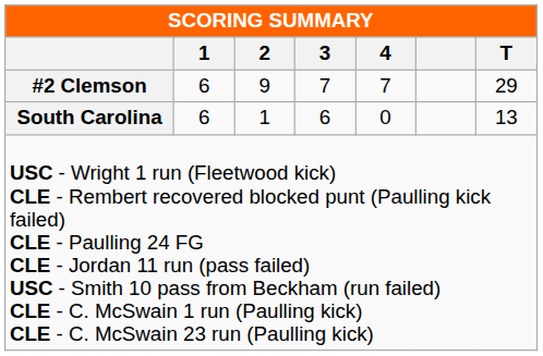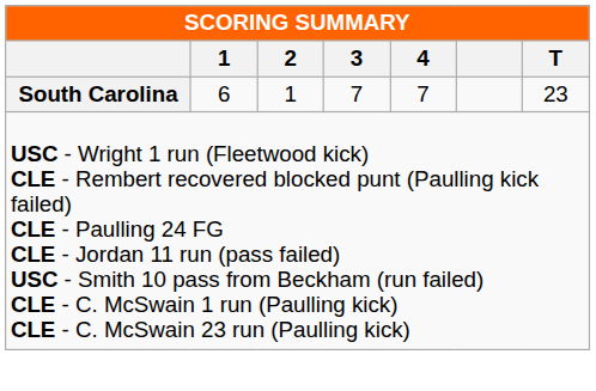 <table class="wikitable" style="text-align:center">
 <tr style="background:#FF6300; color:white">
 <td colspan="7" align="center"><strong>SCORING SUMMARY</strong></td>
 </tr>
 <tr>
 <th width="125"> </th>
 <th width="40">1</th>
 <th width="40">2</th>
 <th width="40">3</th>
 <th width="40">4</th>
 <th width="40"> </th>
 <th width="40">T</th>
 </tr>
 <tr>
-<th>#2 Clemson</th>
+<th>South Carolina</th>
 <td>6</td>
-<td>9</td>
+<td>1</td>
 <td>7</td>
 <td>7</td>
 <td></td>
-<td>29</td>
-</tr>
-<tr>
-<th>South Carolina</th>
-<td>6</td>
-<td>1</td>
-<td>6</td>
-<td>0</td>
-<td></td>
-<td>13</td>
+<td>23</td>
 </tr>
 <tr>
 <td colspan="7" align="left"><br><strong>USC</strong> - Wright 1 run (Fleetwood kick)<br> <strong>CLE</strong> - Rembert recovered blocked punt (Paulling kick failed)<br> <strong>CLE</strong> - Paulling 24 FG<br> <strong>CLE</strong> - Jordan 11 run (pass failed)<br> <strong>USC</strong> - Smith 10 pass from Beckham (run failed)<br> <strong>CLE</strong> - C. McSwain 1 run (Paulling kick)<br> <strong>CLE</strong> - C. McSwain 23 run (Paulling kick)</td>
 </tr>
 </table>
